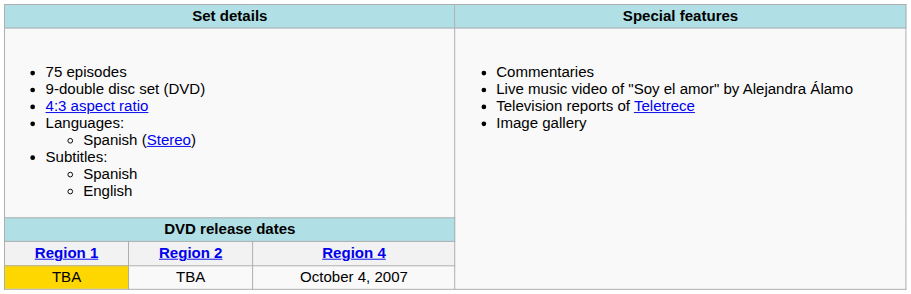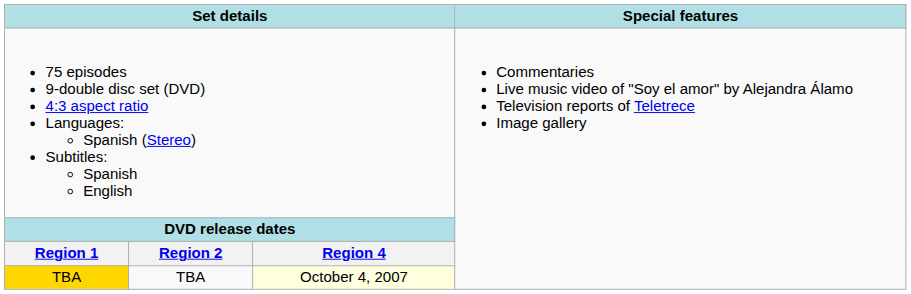 <table class="wikitable" style="width:60em;">
 <tr>
 <th style="background-color:#B0E0E6;" scope="col" colspan="3" width="50%">Set details</th>
 <th style="background-color:#B0E0E6;" scope="col" width="50%">Special features</th>
 </tr>
 <tr>
 <td valign="top" colspan="3" scope="row"><br><ul><li>75 episodes</li><li>9-double disc set (DVD)</li><li><a href='#'>4:3 aspect ratio</a></li><li>Languages:<ul><li>Spanish (<a href='#'>Stereo</a>)</li></ul></li><li>Subtitles:<ul><li>Spanish</li><li>English</li></ul></li></ul></td>
 <td valign="top" rowspan="4" scope="row"><br><ul><li>Commentaries</li><li>Live music video of "Soy el amor" by Alejandra Álamo</li><li>Television reports of <a href='#'>Teletrece</a></li><li>Image gallery</li></ul></td>
 </tr>
 <tr>
 <th style="background-color:#B0E0E6;" scope="col" colspan="3">DVD release dates</th>
 </tr>
 <tr>
 <th scope="col"><a href='#'>Region 1</a></th>
 <th scope="col"><a href='#'>Region 2</a></th>
 <th scope="col"><a href='#'>Region 4</a></th>
 </tr>
 <tr>
 <td scope="row" align="center" style="background: gold;">TBA</td>
 <td scope="row" align="center">TBA</td>
-<td scope="row" align="center">October 4, 2007</td>
+<td scope="row" align="center" style="background: lightyellow;">October 4, 2007</td>
 </tr>
 </table>
